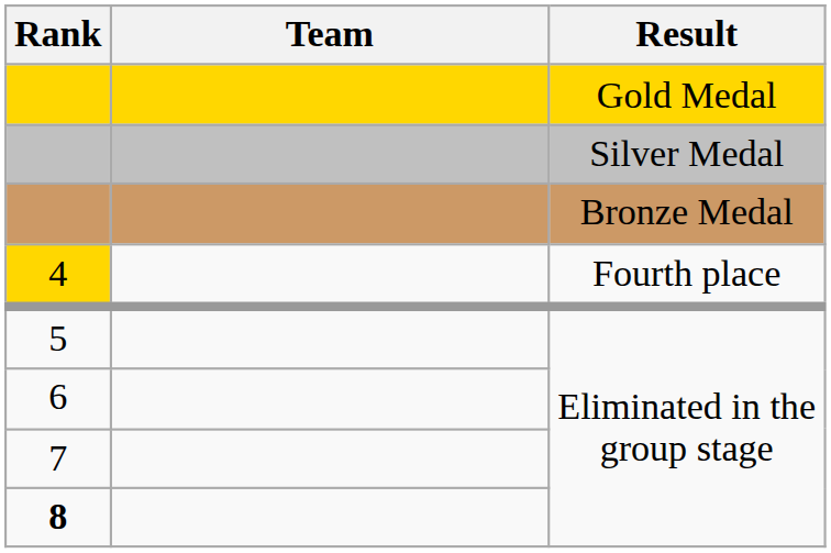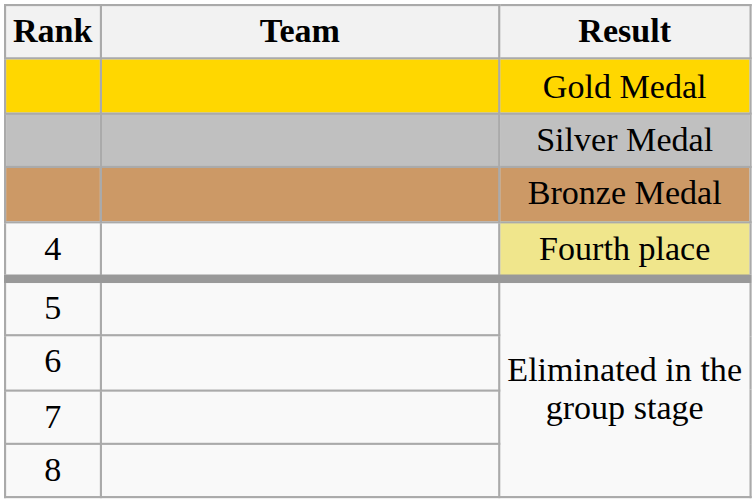 <table class="wikitable">
 <tr>
 <th>Rank</th>
 <th width=180>Team</th>
 <th>Result</th>
 </tr>
 <tr bgcolor=gold>
 <td align=center></td>
 <td></td>
 <td align=center>Gold Medal</td>
 </tr>
 <tr bgcolor=silver>
 <td align=center></td>
 <td></td>
 <td align=center>Silver Medal</td>
 </tr>
 <tr bgcolor=#c96>
 <td align=center></td>
 <td></td>
 <td align=center>Bronze Medal</td>
 </tr>
 <tr style="border-bottom: 4px solid #999999">
-<td align=center style="background: gold;">4</td>
+<td align=center>4</td>
 <td></td>
-<td align=center>Fourth place</td>
+<td align=center style="background: khaki;">Fourth place</td>
 </tr>
 <tr>
 <td align=center>5</td>
 <td></td>
 <td rowspan=13 align=center>Eliminated in the<br>group stage</td>
 </tr>
 <tr>
 <td align=center>6</td>
 <td></td>
 </tr>
 <tr>
 <td align=center>7</td>
 <td></td>
 </tr>
 <tr>
-<td align=center><strong>8</strong></td>
+<td align=center>8</td>
 <td></td>
 </tr>
 </table>
